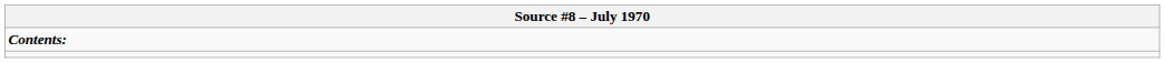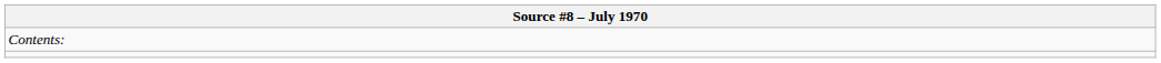 <table class="wikitable" style="width:100%;">
 <tr>
 <th>Source #8 – July 1970</th>
 </tr>
 <tr>
-<td><strong><em>Contents:</em></strong></td>
+<td><em>Contents:</em></td>
 </tr>
 <tr>
 <td></td>
 </tr>
 </table>
